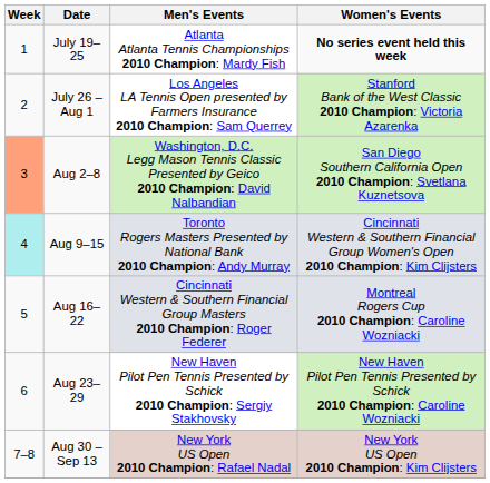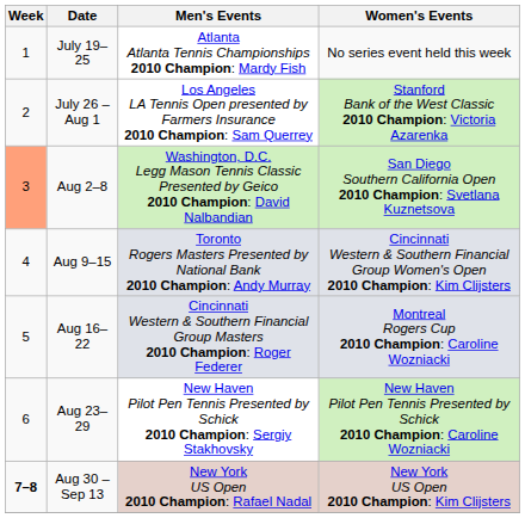 <table class="wikitable">
 <tr>
 <th>Week</th>
 <th>Date</th>
 <th>Men's Events</th>
 <th>Women's Events</th>
 </tr>
 <tr align=center>
 <td>1</td>
 <td>July 19–25</td>
 <td bgcolor="#ffffff"><a href='#'>Atlanta</a><br><em>Atlanta Tennis Championships</em><br><strong>2010 Champion</strong>:  <a href='#'>Mardy Fish</a></td>
-<td><strong>No series event held this week</strong></td>
+<td>No series event held this week</td>
 </tr>
 <tr align=center>
 <td>2</td>
 <td>July 26 – Aug 1</td>
 <td bgcolor="#ffffff"><a href='#'>Los Angeles</a><br><em>LA Tennis Open presented by Farmers Insurance</em><br><strong>2010 Champion</strong>:  <a href='#'>Sam Querrey</a></td>
 <td bgcolor="d0f0c0"><a href='#'>Stanford</a><br><em>Bank of the West Classic</em><br><strong>2010 Champion</strong>:  <a href='#'>Victoria Azarenka</a></td>
 </tr>
 <tr align=center>
 <td style="background: lightsalmon;">3</td>
 <td>Aug 2–8</td>
 <td bgcolor="d0f0c0"><a href='#'>Washington, D.C.</a><br><em>Legg Mason Tennis Classic Presented by Geico</em> <br><strong>2010 Champion</strong>:  <a href='#'>David Nalbandian</a></td>
 <td bgcolor="d0f0c0"><a href='#'>San Diego</a><br><em>Southern California Open</em><br><strong>2010 Champion</strong>:  <a href='#'>Svetlana Kuznetsova</a></td>
 </tr>
 <tr align=center>
-<td style="background: paleturquoise;">4</td>
+<td>4</td>
 <td>Aug 9–15</td>
 <td bgcolor="#dfe2e9"><a href='#'>Toronto</a><br><em>Rogers Masters Presented by National Bank</em><br><strong>2010 Champion</strong>:  <a href='#'>Andy Murray</a></td>
 <td bgcolor="#dfe2e9"><a href='#'>Cincinnati</a><br><em>Western & Southern Financial Group Women's Open</em><br><strong>2010 Champion</strong>:  <a href='#'>Kim Clijsters</a></td>
 </tr>
 <tr align=center>
 <td>5</td>
 <td>Aug 16–22</td>
 <td bgcolor="#dfe2e9"><a href='#'>Cincinnati</a><br><em>Western & Southern Financial Group Masters</em><br><strong>2010 Champion</strong>:  <a href='#'>Roger Federer</a></td>
 <td bgcolor="#dfe2e9"><a href='#'>Montreal</a><br><em>Rogers Cup</em><br><strong>2010 Champion</strong>:   <a href='#'>Caroline Wozniacki</a></td>
 </tr>
 <tr align=center>
 <td>6</td>
 <td>Aug 23–29</td>
 <td bgcolor="#ffffff"><a href='#'>New Haven</a><br> <em>Pilot Pen Tennis Presented by Schick</em><br><strong>2010 Champion</strong>:  <a href='#'>Sergiy Stakhovsky</a></td>
 <td bgcolor="d0f0c0"><a href='#'>New Haven</a><br> <em>Pilot Pen Tennis Presented by Schick</em><br><strong>2010 Champion</strong>:  <a href='#'>Caroline Wozniacki</a></td>
 </tr>
 <tr align=center>
-<td>7–8</td>
+<td><strong>7–8</strong></td>
 <td>Aug 30 – Sep 13</td>
 <td bgcolor="#e5d1cb"><a href='#'>New York</a><br> <em>US Open</em><br><strong>2010 Champion</strong>:   <a href='#'>Rafael Nadal</a></td>
 <td bgcolor="#e5d1cb"><a href='#'>New York</a><br> <em>US Open</em><br><strong>2010 Champion</strong>:  <a href='#'>Kim Clijsters</a></td>
 </tr>
 <tr align=center>
 </tr>
 </table>
